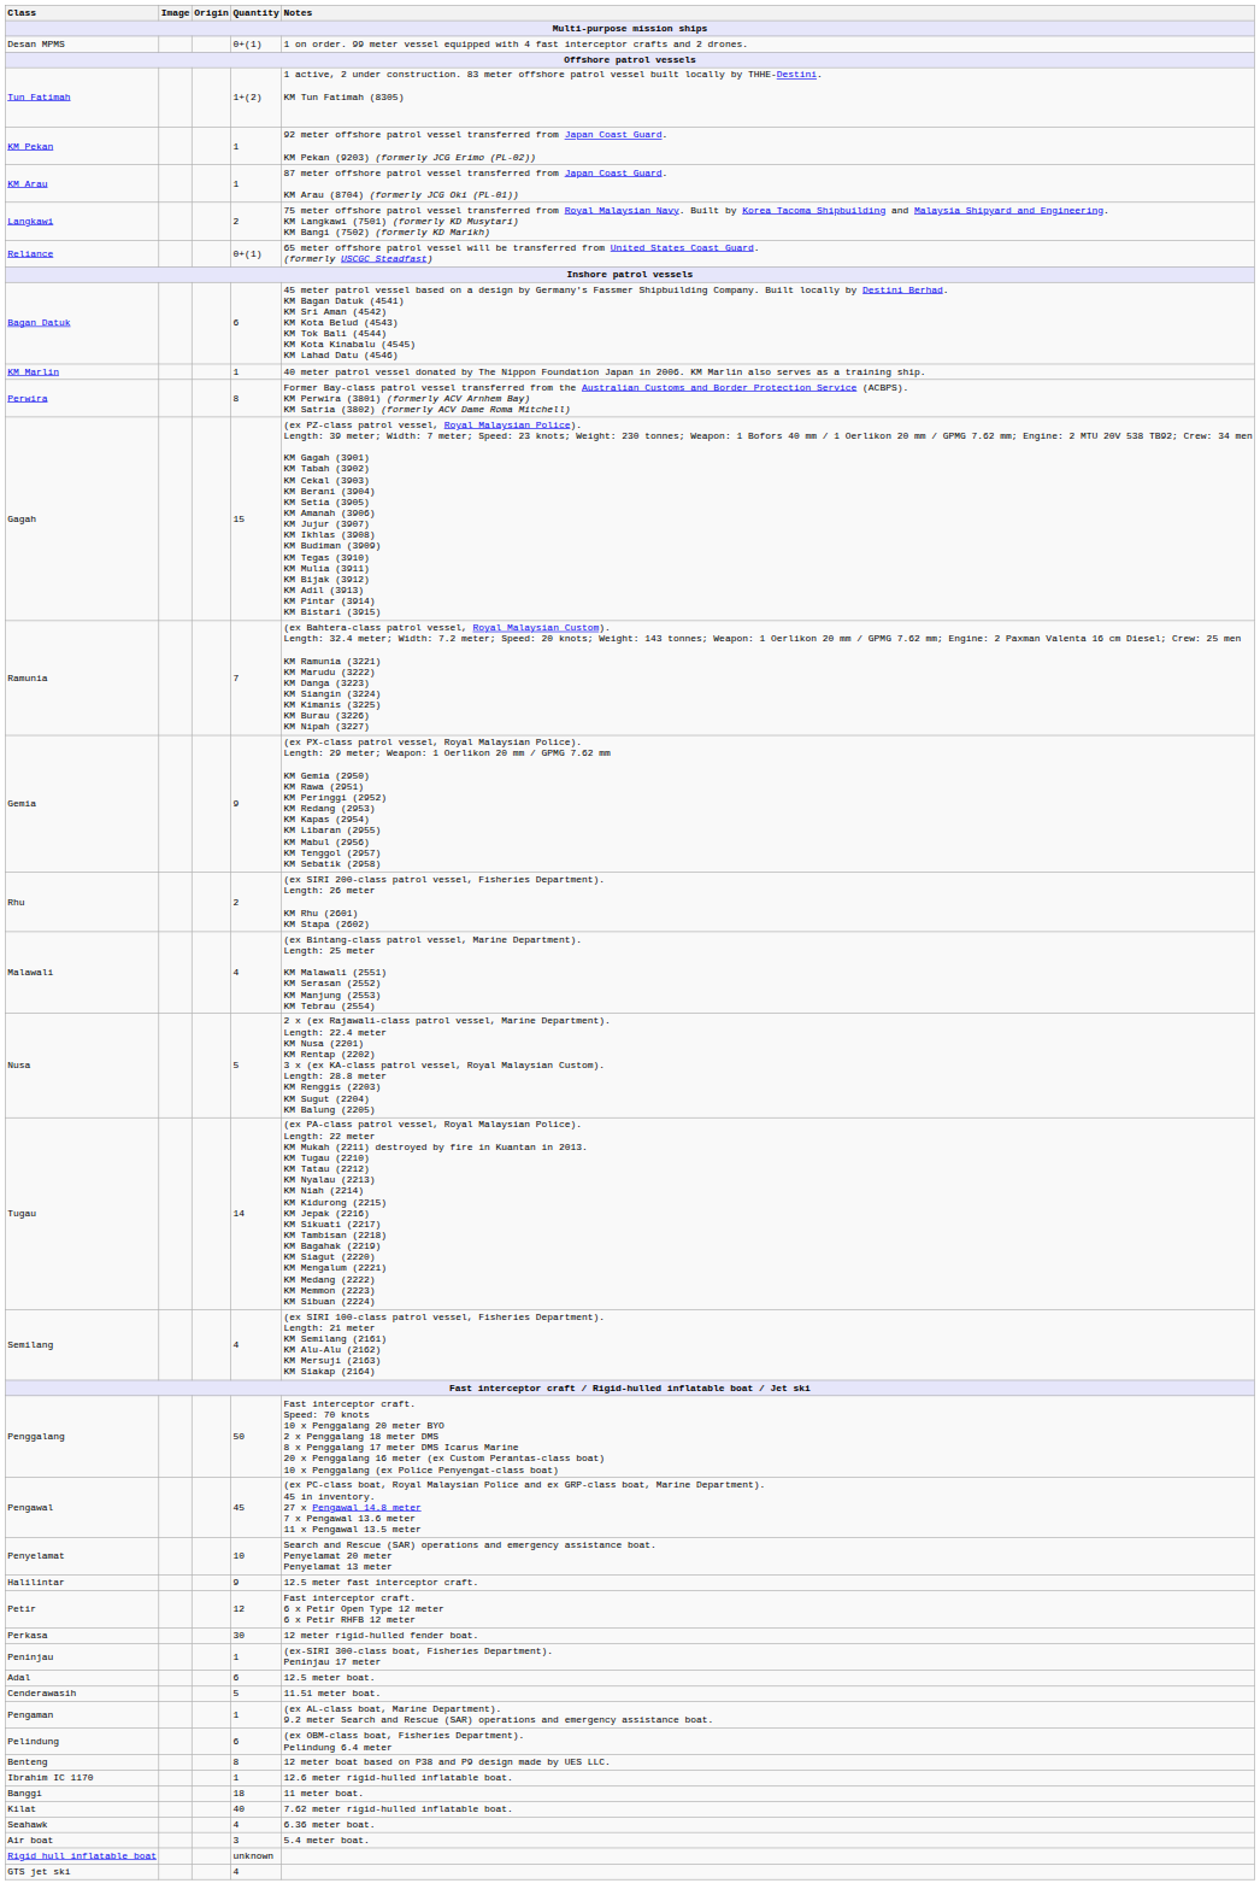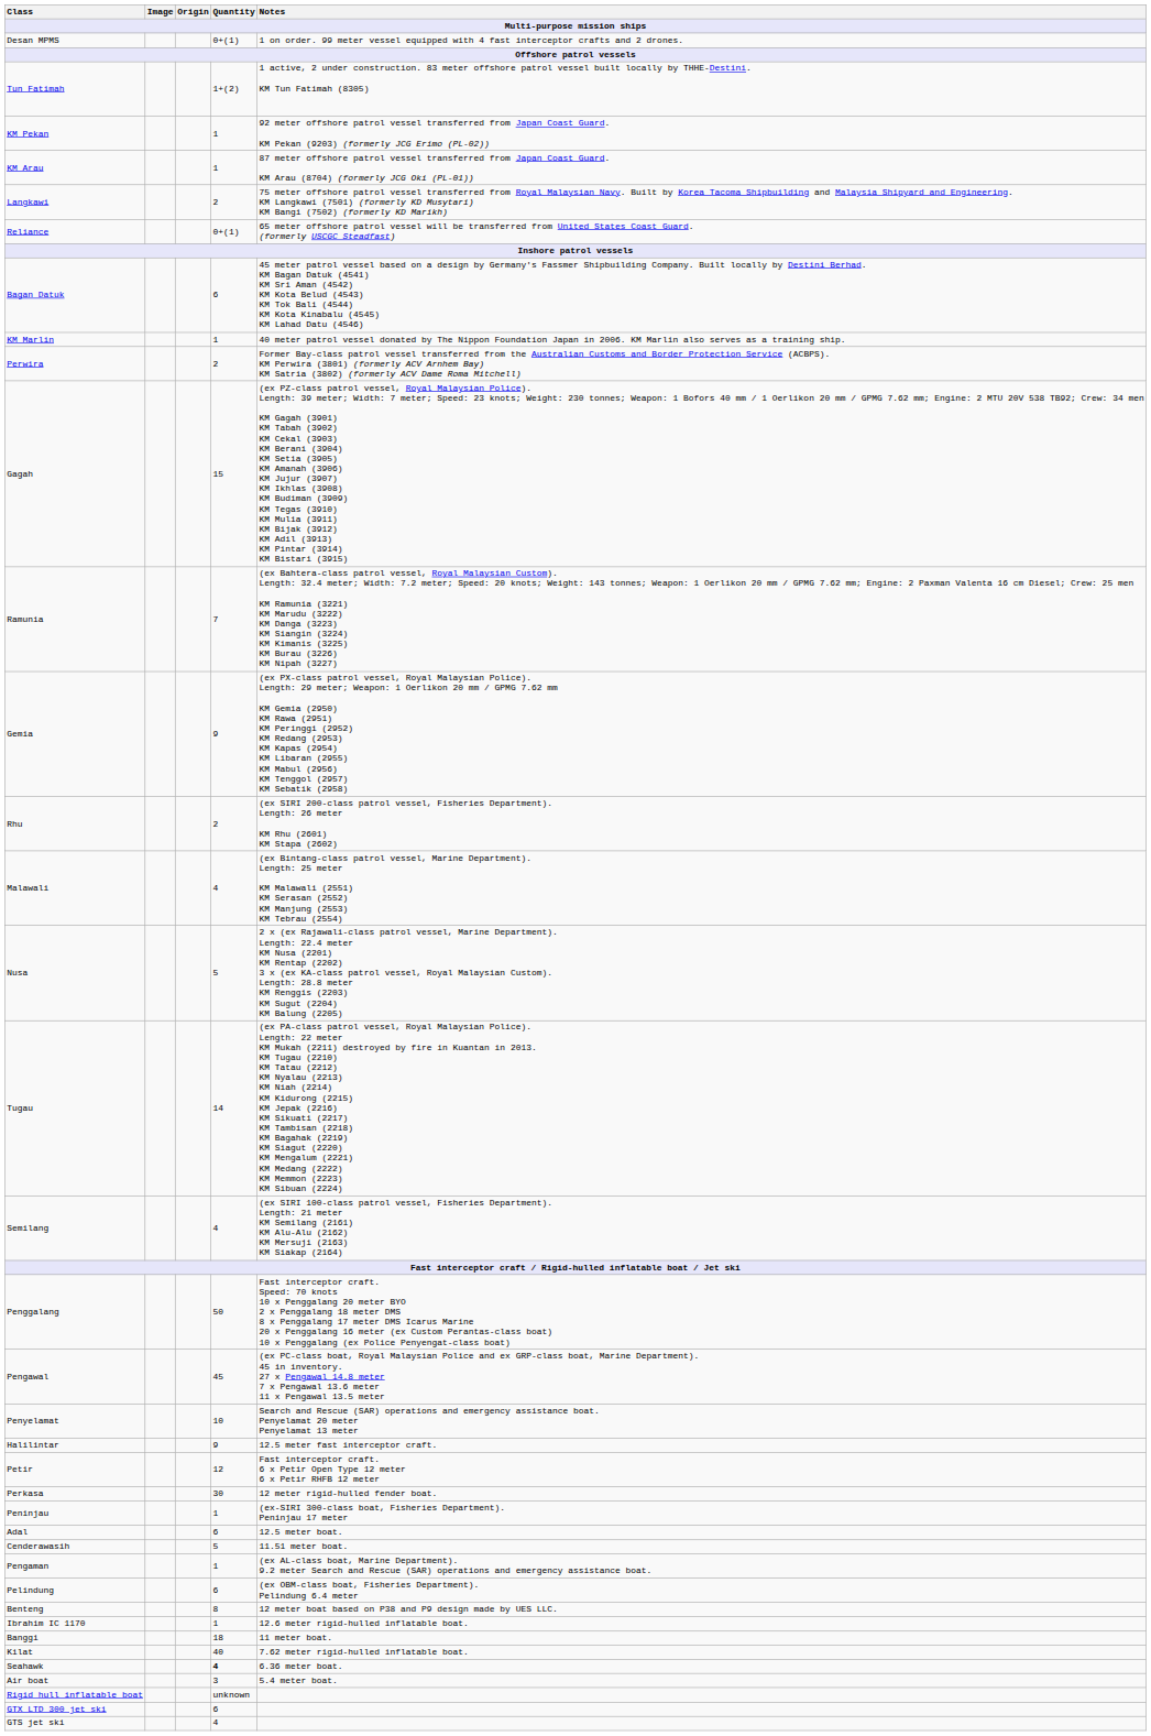 <table class="wikitable">
 <tr>
 <th style="text-align: left;">Class</th>
 <th style="text-align: left;">Image</th>
 <th style="text-align: left;">Origin</th>
 <th style="text-align: left;">Quantity</th>
 <th style="text-align: left;">Notes</th>
 </tr>
 <tr>
 <th colspan="5" style="align: center; background: lavender;">Multi-purpose mission ships</th>
 </tr>
 <tr>
 <td>Desan MPMS</td>
 <td></td>
 <td></td>
 <td>0+(1)</td>
 <td>1 on order. 99 meter vessel equipped with 4 fast interceptor crafts and 2 drones. <br></td>
 </tr>
 <tr>
 <th colspan="5" style="align: center; background: lavender;">Offshore patrol vessels</th>
 </tr>
 <tr>
 <td><a href='#'>Tun Fatimah</a></td>
 <td></td>
 <td> <br> </td>
 <td>1+(2)</td>
 <td>1 active, 2 under construction. 83 meter offshore patrol vessel built locally by THHE-<a href='#'>Destini</a>.<br><br>KM Tun Fatimah (8305)<br> <br> <br></td>
 </tr>
 <tr>
 <td><a href='#'>KM Pekan</a></td>
 <td></td>
 <td></td>
 <td>1</td>
 <td>92 meter offshore patrol vessel transferred from <a href='#'>Japan Coast Guard</a>.<br><br>KM Pekan (9203) <em>(formerly JCG Erimo (PL-02))</em></td>
 </tr>
 <tr>
 <td><a href='#'>KM Arau</a></td>
 <td></td>
 <td></td>
 <td>1</td>
 <td>87 meter offshore patrol vessel transferred from <a href='#'>Japan Coast Guard</a>.<br><br>KM Arau (8704) <em>(formerly JCG Oki (PL-01))</em></td>
 </tr>
 <tr>
 <td><a href='#'>Langkawi</a></td>
 <td></td>
 <td> <br> </td>
 <td>2</td>
 <td>75 meter offshore patrol vessel transferred from <a href='#'>Royal Malaysian Navy</a>. Built by <a href='#'>Korea Tacoma Shipbuilding</a> and <a href='#'>Malaysia Shipyard and Engineering</a>.<br>KM Langkawi (7501) <em>(formerly KD Musytari)</em><br>KM Bangi (7502) <em>(formerly KD Marikh)</em></td>
 </tr>
 <tr>
 <td><a href='#'>Reliance</a></td>
 <td></td>
 <td></td>
 <td>0+(1)</td>
 <td>65 meter offshore patrol vessel will be transferred from <a href='#'>United States Coast Guard</a>.<br><em>(formerly <a href='#'>USCGC Steadfast</a>)</em></td>
 </tr>
 <tr>
 <th colspan="5" style="align: center; background: lavender;">Inshore patrol vessels</th>
 </tr>
 <tr>
 <td><a href='#'>Bagan Datuk</a></td>
 <td></td>
 <td> <br> </td>
 <td>6</td>
 <td>45 meter patrol vessel based on a design by Germany's Fassmer Shipbuilding Company. Built locally by <a href='#'>Destini Berhad</a>.<br>KM Bagan Datuk (4541)<br>KM Sri Aman (4542)<br>KM Kota Belud (4543)<br>KM Tok Bali (4544)<br>KM Kota Kinabalu (4545)<br>KM Lahad Datu (4546)</td>
 </tr>
 <tr>
 <td><a href='#'>KM Marlin</a></td>
 <td></td>
 <td></td>
 <td>1</td>
 <td>40 meter patrol vessel donated by The Nippon Foundation Japan in 2006. KM Marlin also serves as a training ship.</td>
 </tr>
 <tr>
 <td><a href='#'>Perwira</a></td>
 <td></td>
 <td></td>
-<td>8</td>
+<td>2</td>
 <td>Former Bay-class patrol vessel transferred from the <a href='#'>Australian Customs and Border Protection Service</a> (ACBPS).<br>KM Perwira (3801) <em>(formerly ACV Arnhem Bay)</em><br>KM Satria (3802) <em>(formerly ACV Dame Roma Mitchell)</em></td>
 </tr>
 <tr>
 <td>Gagah</td>
 <td></td>
 <td></td>
 <td>15</td>
 <td colspan="1">(ex PZ-class patrol vessel, <a href='#'>Royal Malaysian Police</a>).<br>Length: 39 meter; Width: 7 meter; Speed: 23 knots; Weight: 230 tonnes; Weapon: 1 Bofors 40 mm / 1 Oerlikon 20 mm / GPMG 7.62 mm; Engine: 2 MTU 20V 538 TB92; Crew: 34 men<br><br>KM Gagah (3901)<br>KM Tabah (3902)<br>KM Cekal (3903)<br>KM Berani (3904)<br>KM Setia (3905)<br>KM Amanah (3906)<br>KM Jujur (3907)<br>KM Ikhlas (3908)<br>KM Budiman (3909)<br>KM Tegas (3910)<br>KM Mulia (3911)<br>KM Bijak (3912)<br>KM Adil (3913)<br>KM Pintar (3914)<br>KM Bistari (3915)</td>
 </tr>
 <tr>
 <td>Ramunia</td>
 <td></td>
 <td></td>
 <td>7</td>
 <td>(ex Bahtera-class patrol vessel, <a href='#'>Royal Malaysian Custom</a>).<br>Length: 32.4 meter; Width: 7.2 meter; Speed: 20 knots; Weight: 143 tonnes; Weapon: 1 Oerlikon 20 mm / GPMG 7.62 mm; Engine: 2 Paxman Valenta 16 cm Diesel; Crew: 25 men<br><br>KM Ramunia (3221)<br>KM Marudu (3222)<br>KM Danga (3223)<br>KM Siangin (3224)<br>KM Kimanis (3225)<br>KM Burau (3226)<br>KM Nipah (3227)</td>
 </tr>
 <tr>
 <td>Gemia</td>
 <td></td>
 <td></td>
 <td>9</td>
 <td>(ex PX-class patrol vessel, Royal Malaysian Police).<br>Length: 29 meter; Weapon: 1 Oerlikon 20 mm / GPMG 7.62 mm<br><br>KM Gemia (2950)<br>KM Rawa (2951)<br>KM Peringgi (2952)<br>KM Redang (2953)<br>KM Kapas (2954)<br>KM Libaran (2955)<br>KM Mabul (2956)<br>KM Tenggol (2957)<br>KM Sebatik (2958)</td>
 </tr>
 <tr>
 <td>Rhu</td>
 <td></td>
 <td></td>
 <td>2</td>
 <td>(ex SIRI 200-class patrol vessel, Fisheries Department).<br>Length: 26 meter<br><br>KM Rhu (2601)<br>KM Stapa (2602)</td>
 </tr>
 <tr>
 <td>Malawali</td>
 <td></td>
 <td></td>
 <td>4</td>
 <td>(ex Bintang-class patrol vessel, Marine Department).<br>Length: 25 meter<br><br>KM Malawali (2551)<br>KM Serasan (2552)<br>KM Manjung (2553)<br>KM Tebrau (2554)</td>
 </tr>
 <tr>
 <td>Nusa</td>
 <td></td>
 <td></td>
 <td>5</td>
 <td>2 x (ex Rajawali-class patrol vessel, Marine Department).<br>Length: 22.4 meter<br>KM Nusa (2201)<br>KM Rentap (2202) <br> 3 x (ex KA-class patrol vessel, Royal Malaysian Custom).<br>Length: 28.8 meter<br>KM Renggis (2203)<br>KM Sugut (2204)<br>KM Balung (2205)</td>
 </tr>
 <tr>
 <td>Tugau</td>
 <td></td>
 <td></td>
 <td>14</td>
 <td>(ex PA-class patrol vessel, Royal Malaysian Police).<br>Length: 22 meter<br>KM Mukah (2211) destroyed by fire in Kuantan in 2013.<br>KM Tugau (2210)<br>KM Tatau (2212)<br>KM Nyalau (2213)<br>KM Niah (2214)<br>KM Kidurong (2215)<br>KM Jepak (2216)<br>KM Sikuati (2217)<br>KM Tambisan (2218)<br>KM Bagahak (2219)<br>KM Siagut (2220)<br>KM Mengalum (2221)<br>KM Medang (2222)<br>KM Memmon (2223)<br>KM Sibuan (2224)</td>
 </tr>
 <tr>
 <td>Semilang</td>
 <td></td>
 <td></td>
 <td>4</td>
 <td>(ex SIRI 100-class patrol vessel, Fisheries Department).<br>Length: 21 meter<br>KM Semilang (2161)<br>KM Alu-Alu (2162)<br>KM Mersuji (2163)<br>KM Siakap (2164)</td>
 </tr>
 <tr>
 <th colspan="5" style="align: center; background: lavender;">Fast interceptor craft / Rigid-hulled inflatable boat / Jet ski</th>
 </tr>
 <tr>
 <td>Penggalang</td>
 <td></td>
 <td></td>
 <td>50</td>
 <td>Fast interceptor craft.<br>Speed: 70 knots<br>10 x Penggalang 20 meter BYO<br>2 x Penggalang 18 meter DMS<br>8 x Penggalang 17 meter DMS Icarus Marine<br>20 x Penggalang 16 meter (ex Custom Perantas-class boat)<br>10 x Penggalang (ex Police Penyengat-class boat)</td>
 </tr>
 <tr>
 <td>Pengawal</td>
 <td></td>
 <td></td>
 <td>45</td>
 <td>(ex PC-class boat, Royal Malaysian Police and ex GRP-class boat, Marine Department).<br>45 in inventory.<br>27 x <a href='#'>Pengawal 14.8 meter</a><br>7 x Pengawal 13.6 meter<br>11 x Pengawal 13.5 meter</td>
 </tr>
 <tr>
 <td>Penyelamat</td>
 <td></td>
 <td></td>
 <td>10</td>
 <td>Search and Rescue (SAR) operations and emergency assistance boat.<br>Penyelamat 20 meter<br>Penyelamat 13 meter</td>
 </tr>
 <tr>
 <td>Halilintar</td>
 <td></td>
 <td></td>
 <td>9</td>
 <td>12.5 meter fast interceptor craft.</td>
 </tr>
 <tr>
 <td>Petir</td>
 <td></td>
 <td></td>
 <td>12</td>
 <td>Fast interceptor craft.<br>6 x Petir Open Type 12 meter<br>6 x Petir RHFB 12 meter</td>
 </tr>
 <tr>
 <td>Perkasa</td>
 <td></td>
 <td></td>
 <td>30</td>
 <td>12 meter rigid-hulled fender boat.</td>
 </tr>
 <tr>
 <td>Peninjau</td>
 <td></td>
 <td></td>
 <td>1</td>
 <td>(ex-SIRI 300-class boat, Fisheries Department).<br>Peninjau 17 meter</td>
 </tr>
 <tr>
 <td>Adal</td>
 <td></td>
 <td></td>
 <td>6</td>
 <td>12.5 meter boat.</td>
 </tr>
 <tr>
 <td>Cenderawasih</td>
 <td></td>
 <td></td>
 <td>5</td>
 <td>11.51 meter boat.</td>
 </tr>
 <tr>
 <td>Pengaman</td>
 <td></td>
 <td></td>
 <td>1</td>
 <td>(ex AL-class boat, Marine Department).<br>9.2 meter Search and Rescue (SAR) operations and emergency assistance boat.</td>
 </tr>
 <tr>
 <td>Pelindung</td>
 <td></td>
 <td></td>
 <td>6</td>
 <td>(ex OBM-class boat, Fisheries Department).<br>Pelindung 6.4 meter</td>
 </tr>
 <tr>
 <td>Benteng</td>
 <td></td>
 <td></td>
 <td>8</td>
 <td>12 meter boat based on P38 and P9 design made by UES LLC.</td>
 </tr>
 <tr>
 <td>Ibrahim IC 1170</td>
 <td></td>
 <td></td>
 <td>1</td>
 <td>12.6 meter rigid-hulled inflatable boat.</td>
 </tr>
 <tr>
 <td>Banggi</td>
 <td></td>
 <td></td>
 <td>18</td>
 <td>11 meter boat.</td>
 </tr>
 <tr>
 <td>Kilat</td>
 <td></td>
 <td></td>
 <td>40</td>
 <td>7.62 meter rigid-hulled inflatable boat.</td>
 </tr>
 <tr>
 <td>Seahawk</td>
 <td></td>
 <td></td>
-<td>4</td>
+<td><strong>4</strong></td>
 <td>6.36 meter boat.</td>
 </tr>
 <tr>
 <td>Air boat</td>
 <td></td>
 <td></td>
 <td>3</td>
 <td>5.4 meter boat.</td>
 </tr>
 <tr>
 <td><a href='#'>Rigid hull inflatable boat</a></td>
 <td></td>
 <td></td>
 <td>unknown</td>
 <td></td>
 </tr>
 <tr>
+<td><a href='#'>GTX LTD 300 jet ski</a></td>
+<td></td>
+<td></td>
+<td>6</td>
+<td></td>
+</tr>
+<tr>
 <td>GTS jet ski</td>
 <td></td>
 <td></td>
 <td>4</td>
 <td></td>
 </tr>
 </table>
